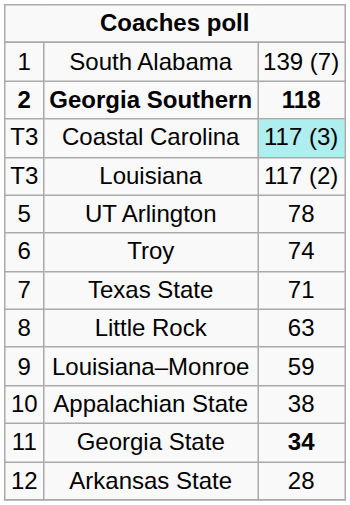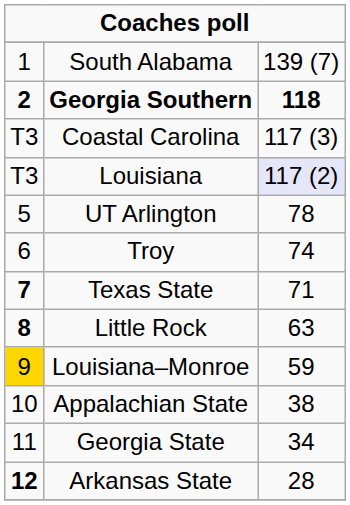 <table class="wikitable">
 <tr align="center">
 <td align="center" Colspan="3"><strong>Coaches poll</strong></td>
 </tr>
 <tr align="center">
 </tr>
 <tr align="center">
 <td>1</td>
 <td>South Alabama</td>
 <td>139 (7)</td>
 </tr>
 <tr align="center">
 <td><strong>2</strong></td>
 <td><strong>Georgia Southern</strong></td>
 <td><strong>118</strong></td>
 </tr>
 <tr align="center">
 <td>T3</td>
 <td>Coastal Carolina</td>
-<td style="background: paleturquoise;">117 (3)</td>
+<td>117 (3)</td>
 </tr>
 <tr align="center">
 <td>T3</td>
 <td>Louisiana</td>
-<td>117 (2)</td>
+<td style="background: lavender;">117 (2)</td>
 </tr>
 <tr align="center">
 <td>5</td>
 <td>UT Arlington</td>
 <td>78</td>
 </tr>
 <tr align="center">
 <td>6</td>
 <td>Troy</td>
 <td>74</td>
 </tr>
 <tr align="center">
-<td>7</td>
+<td><strong>7</strong></td>
 <td>Texas State</td>
 <td>71</td>
 </tr>
 <tr align="center">
-<td>8</td>
+<td><strong>8</strong></td>
 <td>Little Rock</td>
 <td>63</td>
 </tr>
 <tr align="center">
-<td>9</td>
+<td style="background: gold;">9</td>
 <td>Louisiana–Monroe</td>
 <td>59</td>
 </tr>
 <tr align="center">
 <td>10</td>
 <td>Appalachian State</td>
 <td>38</td>
 </tr>
 <tr align="center">
 <td>11</td>
 <td>Georgia State</td>
-<td><strong>34</strong></td>
+<td>34</td>
 </tr>
 <tr align="center">
-<td>12</td>
+<td><strong>12</strong></td>
 <td>Arkansas State</td>
 <td>28</td>
 </tr>
 <tr align="center">
 </tr>
 </table>
